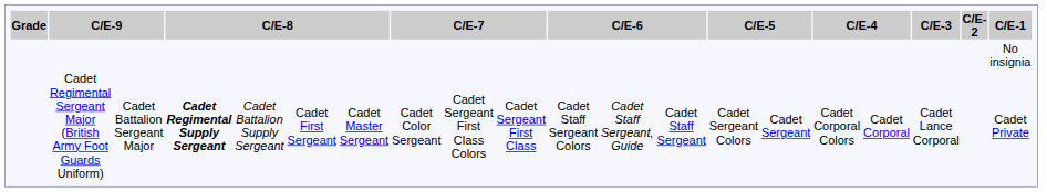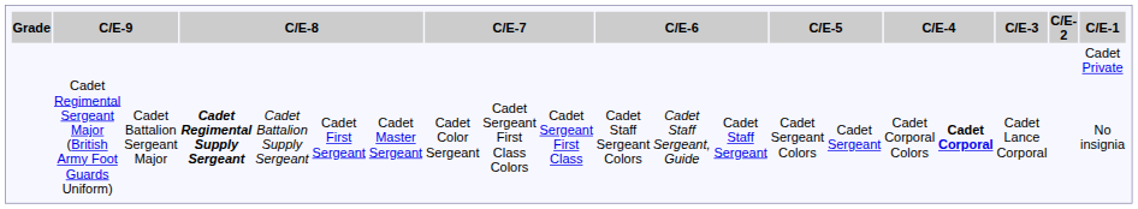 <table style="border:1px solid #8888aa; background-color:#f7f8ff; padding:5px; font-size:95%; margin: 0px 12px 12px 0px;">
 <tr style="background-color:#CCCCCC; text-align:center;">
 <th>Grade</th>
 <th colspan=2>C/E-9</th>
 <th colspan=4>C/E-8</th>
 <th colspan=3>C/E-7</th>
 <th colspan=3>C/E-6</th>
 <th colspan=2>C/E-5</th>
 <th colspan=2>C/E-4</th>
 <th>C/E-3</th>
 <th>C/E-2</th>
 <th>C/E-1</th>
 </tr>
 <tr style="text-align:center;">
 <th rowspan=2></th>
 <td></td>
 <td></td>
 <td></td>
 <td></td>
 <td></td>
 <td></td>
 <td></td>
 <td></td>
 <td></td>
 <td></td>
 <td></td>
 <td></td>
 <td></td>
 <td></td>
 <td></td>
 <td></td>
 <td></td>
 <td rowspan=2></td>
-<td>No insignia</td>
+<td>Cadet <a href='#'>Private</a></td>
 </tr>
 <tr style="text-align:center;">
 <td>Cadet <a href='#'>Regimental Sergeant Major</a><br>(<a href='#'>British Army Foot Guards</a> Uniform)</td>
 <td>Cadet Battalion Sergeant Major</td>
 <td><strong><em>Cadet Regimental Supply Sergeant</em></strong></td>
 <td><em>Cadet Battalion Supply Sergeant</em></td>
 <td>Cadet <a href='#'>First Sergeant</a></td>
 <td>Cadet <a href='#'>Master Sergeant</a></td>
 <td>Cadet Color Sergeant</td>
 <td>Cadet Sergeant First Class Colors</td>
 <td>Cadet <a href='#'>Sergeant First Class</a></td>
 <td>Cadet Staff Sergeant Colors</td>
 <td><em>Cadet Staff Sergeant, Guide</em></td>
 <td>Cadet <a href='#'>Staff Sergeant</a></td>
 <td>Cadet Sergeant Colors</td>
 <td>Cadet <a href='#'>Sergeant</a></td>
 <td>Cadet Corporal Colors</td>
-<td>Cadet <a href='#'>Corporal</a></td>
+<td><strong>Cadet <a href='#'>Corporal</a></strong></td>
 <td>Cadet Lance Corporal</td>
-<td>Cadet <a href='#'>Private</a></td>
+<td>No insignia</td>
 </tr>
 </table>
